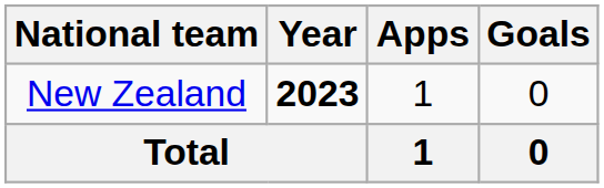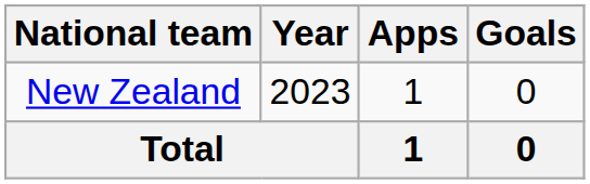 <table class="wikitable" style="text-align: center;">
 <tr>
 <th>National team</th>
 <th>Year</th>
 <th>Apps</th>
 <th>Goals</th>
 </tr>
 <tr>
 <td rowspan="1" valign="center"><a href='#'>New Zealand</a></td>
-<td><strong>2023</strong></td>
+<td>2023</td>
 <td>1</td>
 <td>0</td>
 </tr>
 <tr>
 <th colspan="2">Total</th>
 <th>1</th>
 <th>0</th>
 </tr>
 </table>
